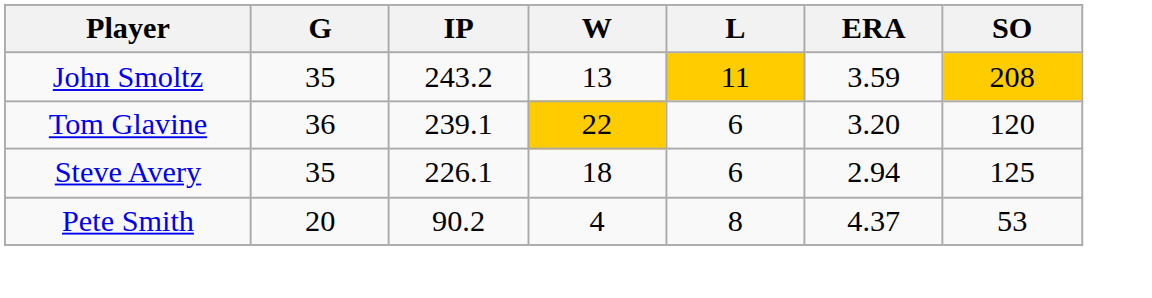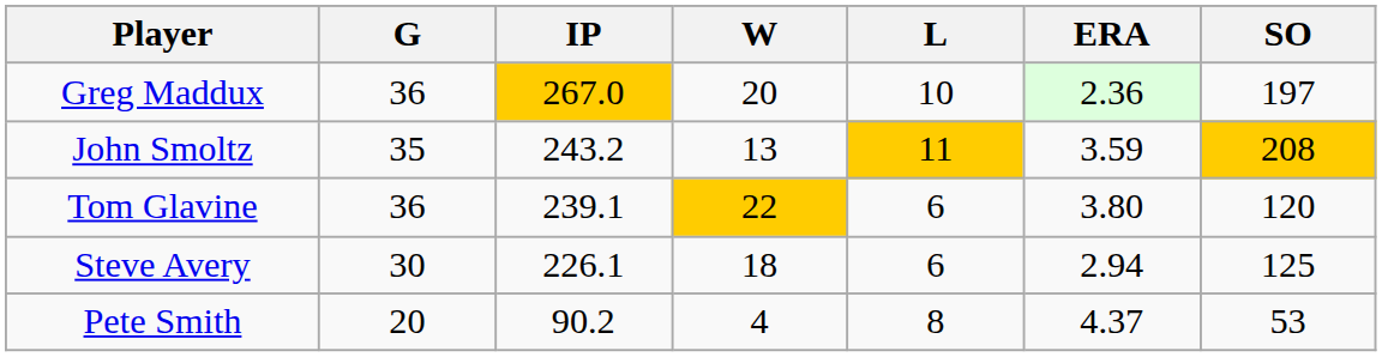 <table class="wikitable sortable">
 <tr>
 <th bgcolor="#DDDDFF" width="16%">Player</th>
 <th bgcolor="#DDDDFF" width="9%">G</th>
 <th bgcolor="#DDDDFF" width="9%">IP</th>
 <th bgcolor="#DDDDFF" width="9%">W</th>
 <th bgcolor="#DDDDFF" width="9%">L</th>
 <th bgcolor="#DDDDFF" width="9%">ERA</th>
 <th bgcolor="#DDDDFF" width="9%">SO</th>
+</tr>
+<tr align="center">
+<td><a href='#'>Greg Maddux</a></td>
+<td>36</td>
+<td bgcolor="#FFCC00">267.0</td>
+<td>20</td>
+<td>10</td>
+<td style="background:#DDFFDD;">2.36</td>
+<td>197</td>
 </tr>
 <tr align="center">
 <td><a href='#'>John Smoltz</a></td>
 <td>35</td>
 <td>243.2</td>
 <td>13</td>
 <td bgcolor="#FFCC00">11</td>
 <td>3.59</td>
 <td bgcolor="#FFCC00">208</td>
 </tr>
 <tr align="center">
 <td><a href='#'>Tom Glavine</a></td>
 <td>36</td>
 <td>239.1</td>
 <td bgcolor="#FFCC00">22</td>
 <td>6</td>
-<td>3.20</td>
+<td>3.80</td>
 <td>120</td>
 </tr>
 <tr align="center">
 <td><a href='#'>Steve Avery</a></td>
-<td>35</td>
+<td>30</td>
 <td>226.1</td>
 <td>18</td>
 <td>6</td>
 <td>2.94</td>
 <td>125</td>
 </tr>
 <tr align="center">
 <td><a href='#'>Pete Smith</a></td>
 <td>20</td>
 <td>90.2</td>
 <td>4</td>
 <td>8</td>
 <td>4.37</td>
 <td>53</td>
 </tr>
 </table>
